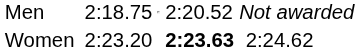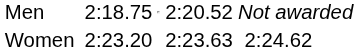 <table>
 <tr>
 <td>Men</td>
 <td></td>
 <td>2:18.75</td>
 <td><hr></td>
 <td>2:20.52</td>
 <td colspan=2><em>Not awarded</em></td>
 </tr>
 <tr>
 <td>Women</td>
 <td></td>
 <td>2:23.20</td>
 <td></td>
-<td><strong>2:23.63</strong></td>
+<td>2:23.63</td>
 <td></td>
 <td>2:24.62</td>
 </tr>
 </table>
